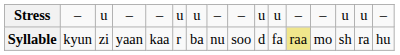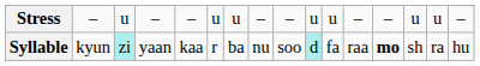 <table class="wikitable">
 <tr style="text-align:center;">
 <th>Stress</th>
 <td>–</td>
 <td>u</td>
 <td>–</td>
 <td>–</td>
 <td>u</td>
 <td>u</td>
 <td>–</td>
 <td>–</td>
 <td>u</td>
 <td>u</td>
 <td>–</td>
 <td>–</td>
 <td>u</td>
 <td>u</td>
 <td>–</td>
 </tr>
 <tr>
 <th>Syllable</th>
 <td>kyun</td>
-<td>zi</td>
+<td style="background: paleturquoise;">zi</td>
 <td>yaan</td>
 <td>kaa</td>
 <td>r</td>
 <td>ba</td>
 <td>nu</td>
 <td>soo</td>
-<td>d</td>
+<td style="background: paleturquoise;">d</td>
 <td>fa</td>
-<td style="background: khaki;">raa</td>
-<td>mo</td>
+<td>raa</td>
+<td><strong>mo</strong></td>
 <td>sh</td>
 <td>ra</td>
 <td>hu</td>
 </tr>
 </table>
